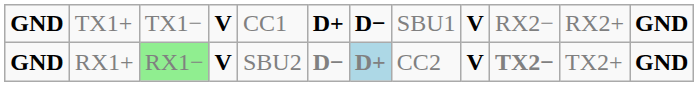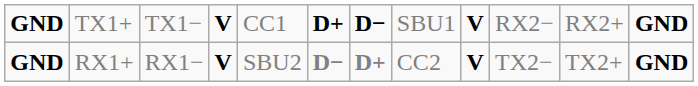 <table class="wikitable">
 <tr>
 <td><strong>GND</strong></td>
 <td style="color:gray">TX1+</td>
 <td style="color:gray">TX1−</td>
 <td><strong>V</strong></td>
 <td style="color:gray">CC1</td>
 <td><strong>D+</strong></td>
 <td><strong>D−</strong></td>
 <td style="color:gray">SBU1</td>
 <td><strong>V</strong></td>
 <td style="color:gray">RX2−</td>
 <td style="color:gray">RX2+</td>
 <td><strong>GND</strong></td>
 </tr>
 <tr -->
 <td><strong>GND</strong></td>
 <td style="color:gray">RX1+</td>
-<td style="background: lightgreen; color:gray">RX1−</td>
+<td style="color:gray">RX1−</td>
 <td><strong>V</strong></td>
 <td style="color:gray">SBU2</td>
 <td style="color:gray"><strong>D−</strong></td>
-<td style="background: lightblue; color:gray"><strong>D+</strong></td>
+<td style="color:gray"><strong>D+</strong></td>
 <td style="color:gray">CC2</td>
 <td><strong>V</strong></td>
-<td style="color:gray"><strong>TX2−</strong></td>
+<td style="color:gray">TX2−</td>
 <td style="color:gray">TX2+</td>
 <td><strong>GND</strong></td>
 </tr>
 </table>
